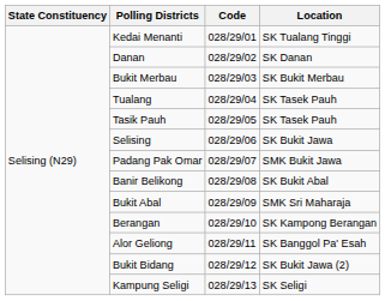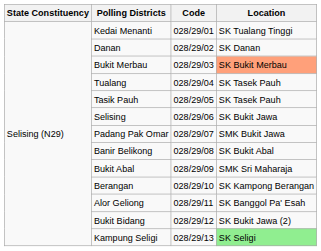 <table class="wikitable sortable mw-collapsible">
 <tr>
 <th><small>State Constituency</small></th>
 <th><small>Polling Districts</small></th>
 <th><small>Code</small></th>
 <th><small>Location</small></th>
 </tr>
 <tr>
 <td rowspan="13"><small>Selising (N29)</small></td>
 <td><small>Kedai Menanti</small></td>
 <td><small>028/29/01</small></td>
 <td><small>SK Tualang Tinggi</small></td>
 </tr>
 <tr>
 <td><small>Danan</small></td>
 <td><small>028/29/02</small></td>
 <td><small>SK Danan</small></td>
 </tr>
 <tr>
 <td><small>Bukit Merbau</small></td>
 <td><small>028/29/03</small></td>
-<td><small>SK Bukit Merbau</small></td>
+<td style="background: lightsalmon;"><small>SK Bukit Merbau</small></td>
 </tr>
 <tr>
 <td><small>Tualang</small></td>
 <td><small>028/29/04</small></td>
 <td><small>SK Tasek Pauh</small></td>
 </tr>
 <tr>
 <td><small>Tasik Pauh</small></td>
 <td><small>028/29/05</small></td>
 <td><small>SK Tasek Pauh</small></td>
 </tr>
 <tr>
 <td><small>Selising</small></td>
 <td><small>028/29/06</small></td>
 <td><small>SK Bukit Jawa</small></td>
 </tr>
 <tr>
 <td><small>Padang Pak Omar</small></td>
 <td><small>028/29/07</small></td>
 <td><small>SMK Bukit Jawa</small></td>
 </tr>
 <tr>
 <td><small>Banir Belikong</small></td>
 <td><small>028/29/08</small></td>
 <td><small>SK Bukit Abal</small></td>
 </tr>
 <tr>
 <td><small>Bukit Abal</small></td>
 <td><small>028/29/09</small></td>
 <td><small>SMK Sri Maharaja</small></td>
 </tr>
 <tr>
 <td><small>Berangan</small></td>
 <td><small>028/29/10</small></td>
 <td><small>SK Kampong Berangan</small></td>
 </tr>
 <tr>
 <td><small>Alor Geliong</small></td>
 <td><small>028/29/11</small></td>
 <td><small>SK Banggol Pa' Esah</small></td>
 </tr>
 <tr>
 <td><small>Bukit Bidang</small></td>
 <td><small>028/29/12</small></td>
 <td><small>SK Bukit Jawa (2)</small></td>
 </tr>
 <tr>
 <td><small>Kampung Seligi</small></td>
 <td><small>028/29/13</small></td>
-<td><small>SK Seligi</small></td>
+<td style="background: lightgreen;"><small>SK Seligi</small></td>
 </tr>
 </table>
